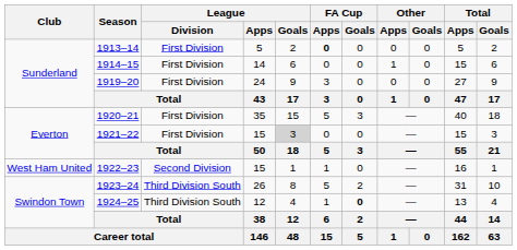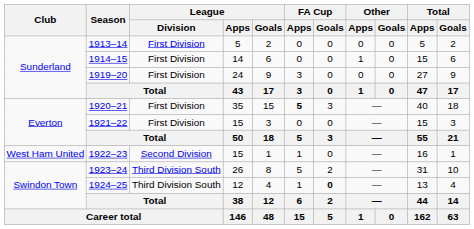 <table class="wikitable" style="text-align: center">
 <tr>
 <th rowspan="2">Club</th>
 <th rowspan="2">Season</th>
 <th colspan="3">League</th>
 <th colspan="2">FA Cup</th>
 <th colspan="2">Other</th>
 <th colspan="2">Total</th>
 </tr>
 <tr>
 <th>Division</th>
 <th>Apps</th>
 <th>Goals</th>
 <th>Apps</th>
 <th>Goals</th>
 <th>Apps</th>
 <th>Goals</th>
 <th>Apps</th>
 <th>Goals</th>
 </tr>
 <tr>
 <td rowspan="4"><a href='#'>Sunderland</a></td>
 <td><a href='#'>1913–14</a></td>
 <td><a href='#'>First Division</a></td>
 <td>5</td>
 <td>2</td>
-<td><strong>0</strong></td>
+<td>0</td>
 <td>0</td>
 <td>0</td>
 <td>0</td>
 <td>5</td>
 <td>2</td>
 </tr>
 <tr>
 <td><a href='#'>1914–15</a></td>
 <td>First Division</td>
 <td>14</td>
 <td>6</td>
 <td>0</td>
 <td>0</td>
 <td>1</td>
 <td>0</td>
 <td>15</td>
 <td>6</td>
 </tr>
 <tr>
 <td><a href='#'>1919–20</a></td>
 <td>First Division</td>
 <td>24</td>
 <td>9</td>
 <td>3</td>
 <td>0</td>
 <td>0</td>
 <td>0</td>
 <td>27</td>
 <td>9</td>
 </tr>
 <tr>
 <th colspan="2">Total</th>
 <th>43</th>
 <th>17</th>
 <th>3</th>
 <th>0</th>
 <th>1</th>
 <th>0</th>
 <th>47</th>
 <th>17</th>
 </tr>
 <tr>
 <td rowspan="3"><a href='#'>Everton</a></td>
 <td><a href='#'>1920–21</a></td>
 <td>First Division</td>
 <td>35</td>
 <td>15</td>
-<td>5</td>
+<td><strong>5</strong></td>
 <td>3</td>
 <td colspan="2">―</td>
 <td>40</td>
 <td>18</td>
 </tr>
 <tr>
 <td><a href='#'>1921–22</a></td>
 <td>First Division</td>
 <td>15</td>
-<td style="background: lightgrey;">3</td>
+<td>3</td>
 <td>0</td>
 <td>0</td>
 <td colspan="2">―</td>
 <td>15</td>
 <td>3</td>
 </tr>
 <tr>
 <th colspan="2">Total</th>
 <th>50</th>
 <th>18</th>
 <th>5</th>
 <th>3</th>
 <th colspan="2">―</th>
 <th>55</th>
 <th>21</th>
 </tr>
 <tr>
 <td><a href='#'>West Ham United</a></td>
 <td><a href='#'>1922–23</a></td>
 <td><a href='#'>Second Division</a></td>
 <td>15</td>
 <td>1</td>
 <td>1</td>
 <td>0</td>
 <td colspan="2">―</td>
 <td>16</td>
 <td>1</td>
 </tr>
 <tr>
 <td rowspan="3"><a href='#'>Swindon Town</a></td>
 <td><a href='#'>1923–24</a></td>
 <td><a href='#'>Third Division South</a></td>
 <td>26</td>
 <td>8</td>
 <td>5</td>
 <td>2</td>
 <td colspan="2">―</td>
 <td>31</td>
 <td>10</td>
 </tr>
 <tr>
 <td><a href='#'>1924–25</a></td>
 <td>Third Division South</td>
 <td>12</td>
 <td>4</td>
 <td>1</td>
 <td><strong>0</strong></td>
 <td colspan="2">―</td>
 <td>13</td>
 <td>4</td>
 </tr>
 <tr>
 <th colspan="2">Total</th>
 <th>38</th>
 <th>12</th>
 <th>6</th>
 <th>2</th>
 <th colspan="2">―</th>
 <th>44</th>
 <th>14</th>
 </tr>
 <tr>
 <th colspan="3">Career total</th>
 <th>146</th>
 <th>48</th>
 <th>15</th>
 <th>5</th>
 <th>1</th>
 <th>0</th>
 <th>162</th>
 <th>63</th>
 </tr>
 </table>
